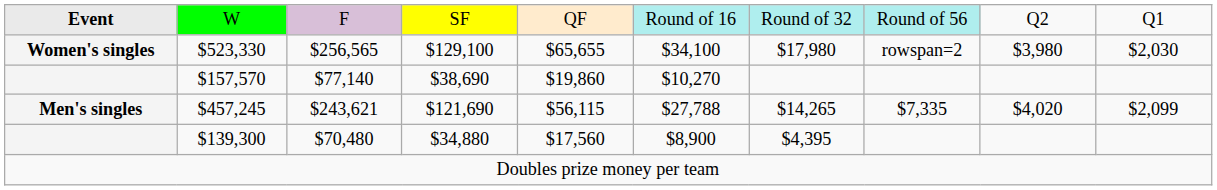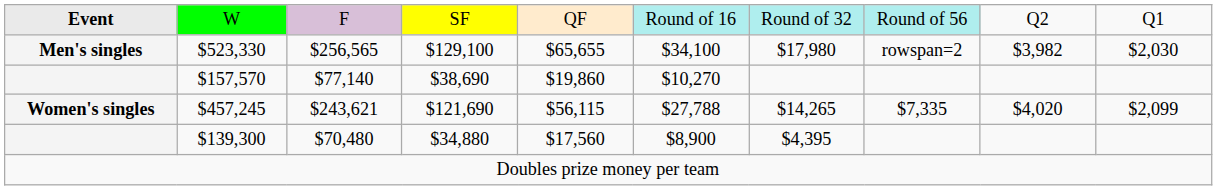 <table class=wikitable style=font-size:90%;text-align:center>
 <tr>
 <td style="width:130px; background:#eaeaea;"><strong>Event</strong></td>
 <td style="width:80px; background:lime;">W</td>
 <td style="width:85px; background:thistle;">F</td>
 <td style="width:85px; background:#ff0;">SF</td>
 <td style="width:85px; background:#ffebcd;">QF</td>
 <td style="width:85px; background:#afeeee;">Round of 16</td>
 <td style="width:85px; background:#afeeee;">Round of 32</td>
 <td style="width:85px; background:#afeeee;">Round of 56</td>
 <td style="width:85px;">Q2</td>
 <td style="width:85px;">Q1</td>
 </tr>
 <tr>
-<td style="background:#f4f4f4;"><strong>Women's singles</strong></td>
+<td style="background:#f4f4f4;"><strong>Men's singles</strong></td>
 <td>$523,330</td>
 <td>$256,565</td>
 <td>$129,100</td>
 <td>$65,655</td>
 <td>$34,100</td>
 <td>$17,980</td>
 <td>rowspan=2 </td>
-<td>$3,980</td>
+<td>$3,982</td>
 <td>$2,030</td>
 </tr>
 <tr>
 <td style="background:#f4f4f4;"><strong></strong></td>
 <td>$157,570</td>
 <td>$77,140</td>
 <td>$38,690</td>
 <td>$19,860</td>
 <td>$10,270</td>
 <td></td>
 <td></td>
 <td></td>
 </tr>
 <tr>
-<td style="background:#f4f4f4;"><strong>Men's singles</strong></td>
+<td style="background:#f4f4f4;"><strong>Women's singles</strong></td>
 <td>$457,245</td>
 <td>$243,621</td>
 <td>$121,690</td>
 <td>$56,115</td>
 <td>$27,788</td>
 <td>$14,265</td>
 <td>$7,335</td>
 <td>$4,020</td>
 <td>$2,099</td>
 </tr>
 <tr>
 <td style="background:#f4f4f4;"><strong></strong></td>
 <td>$139,300</td>
 <td>$70,480</td>
 <td>$34,880</td>
 <td>$17,560</td>
 <td>$8,900</td>
 <td>$4,395</td>
 <td></td>
 <td></td>
 <td></td>
 </tr>
 <tr>
 <td colspan=10>Doubles prize money per team</td>
 </tr>
 </table>
